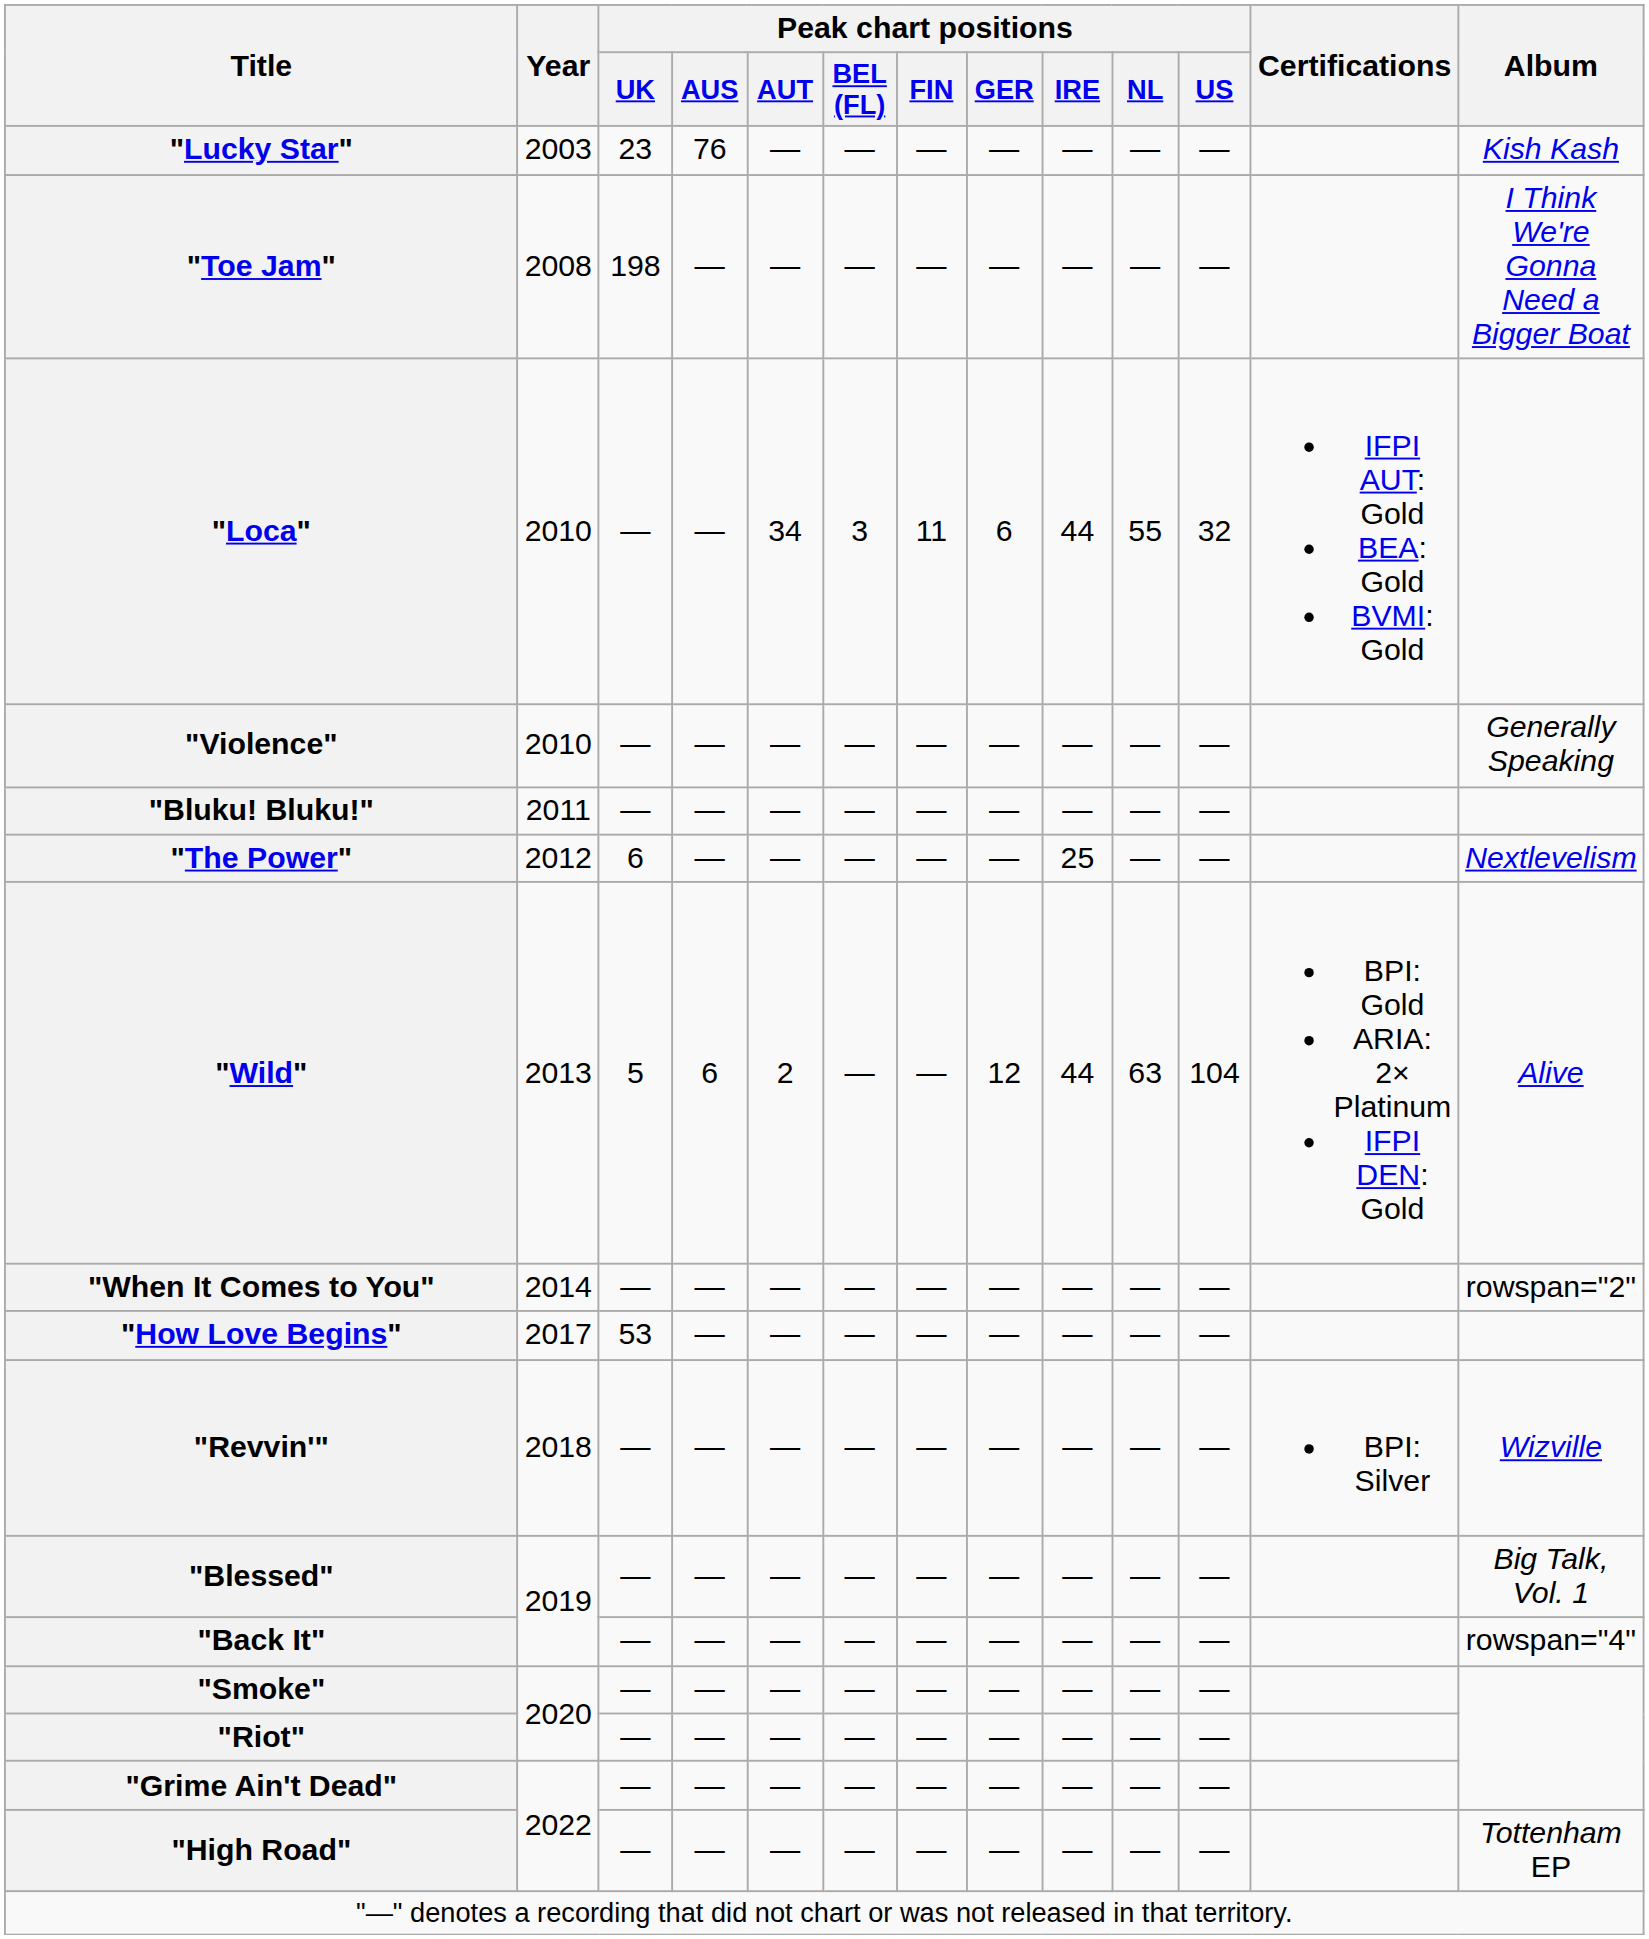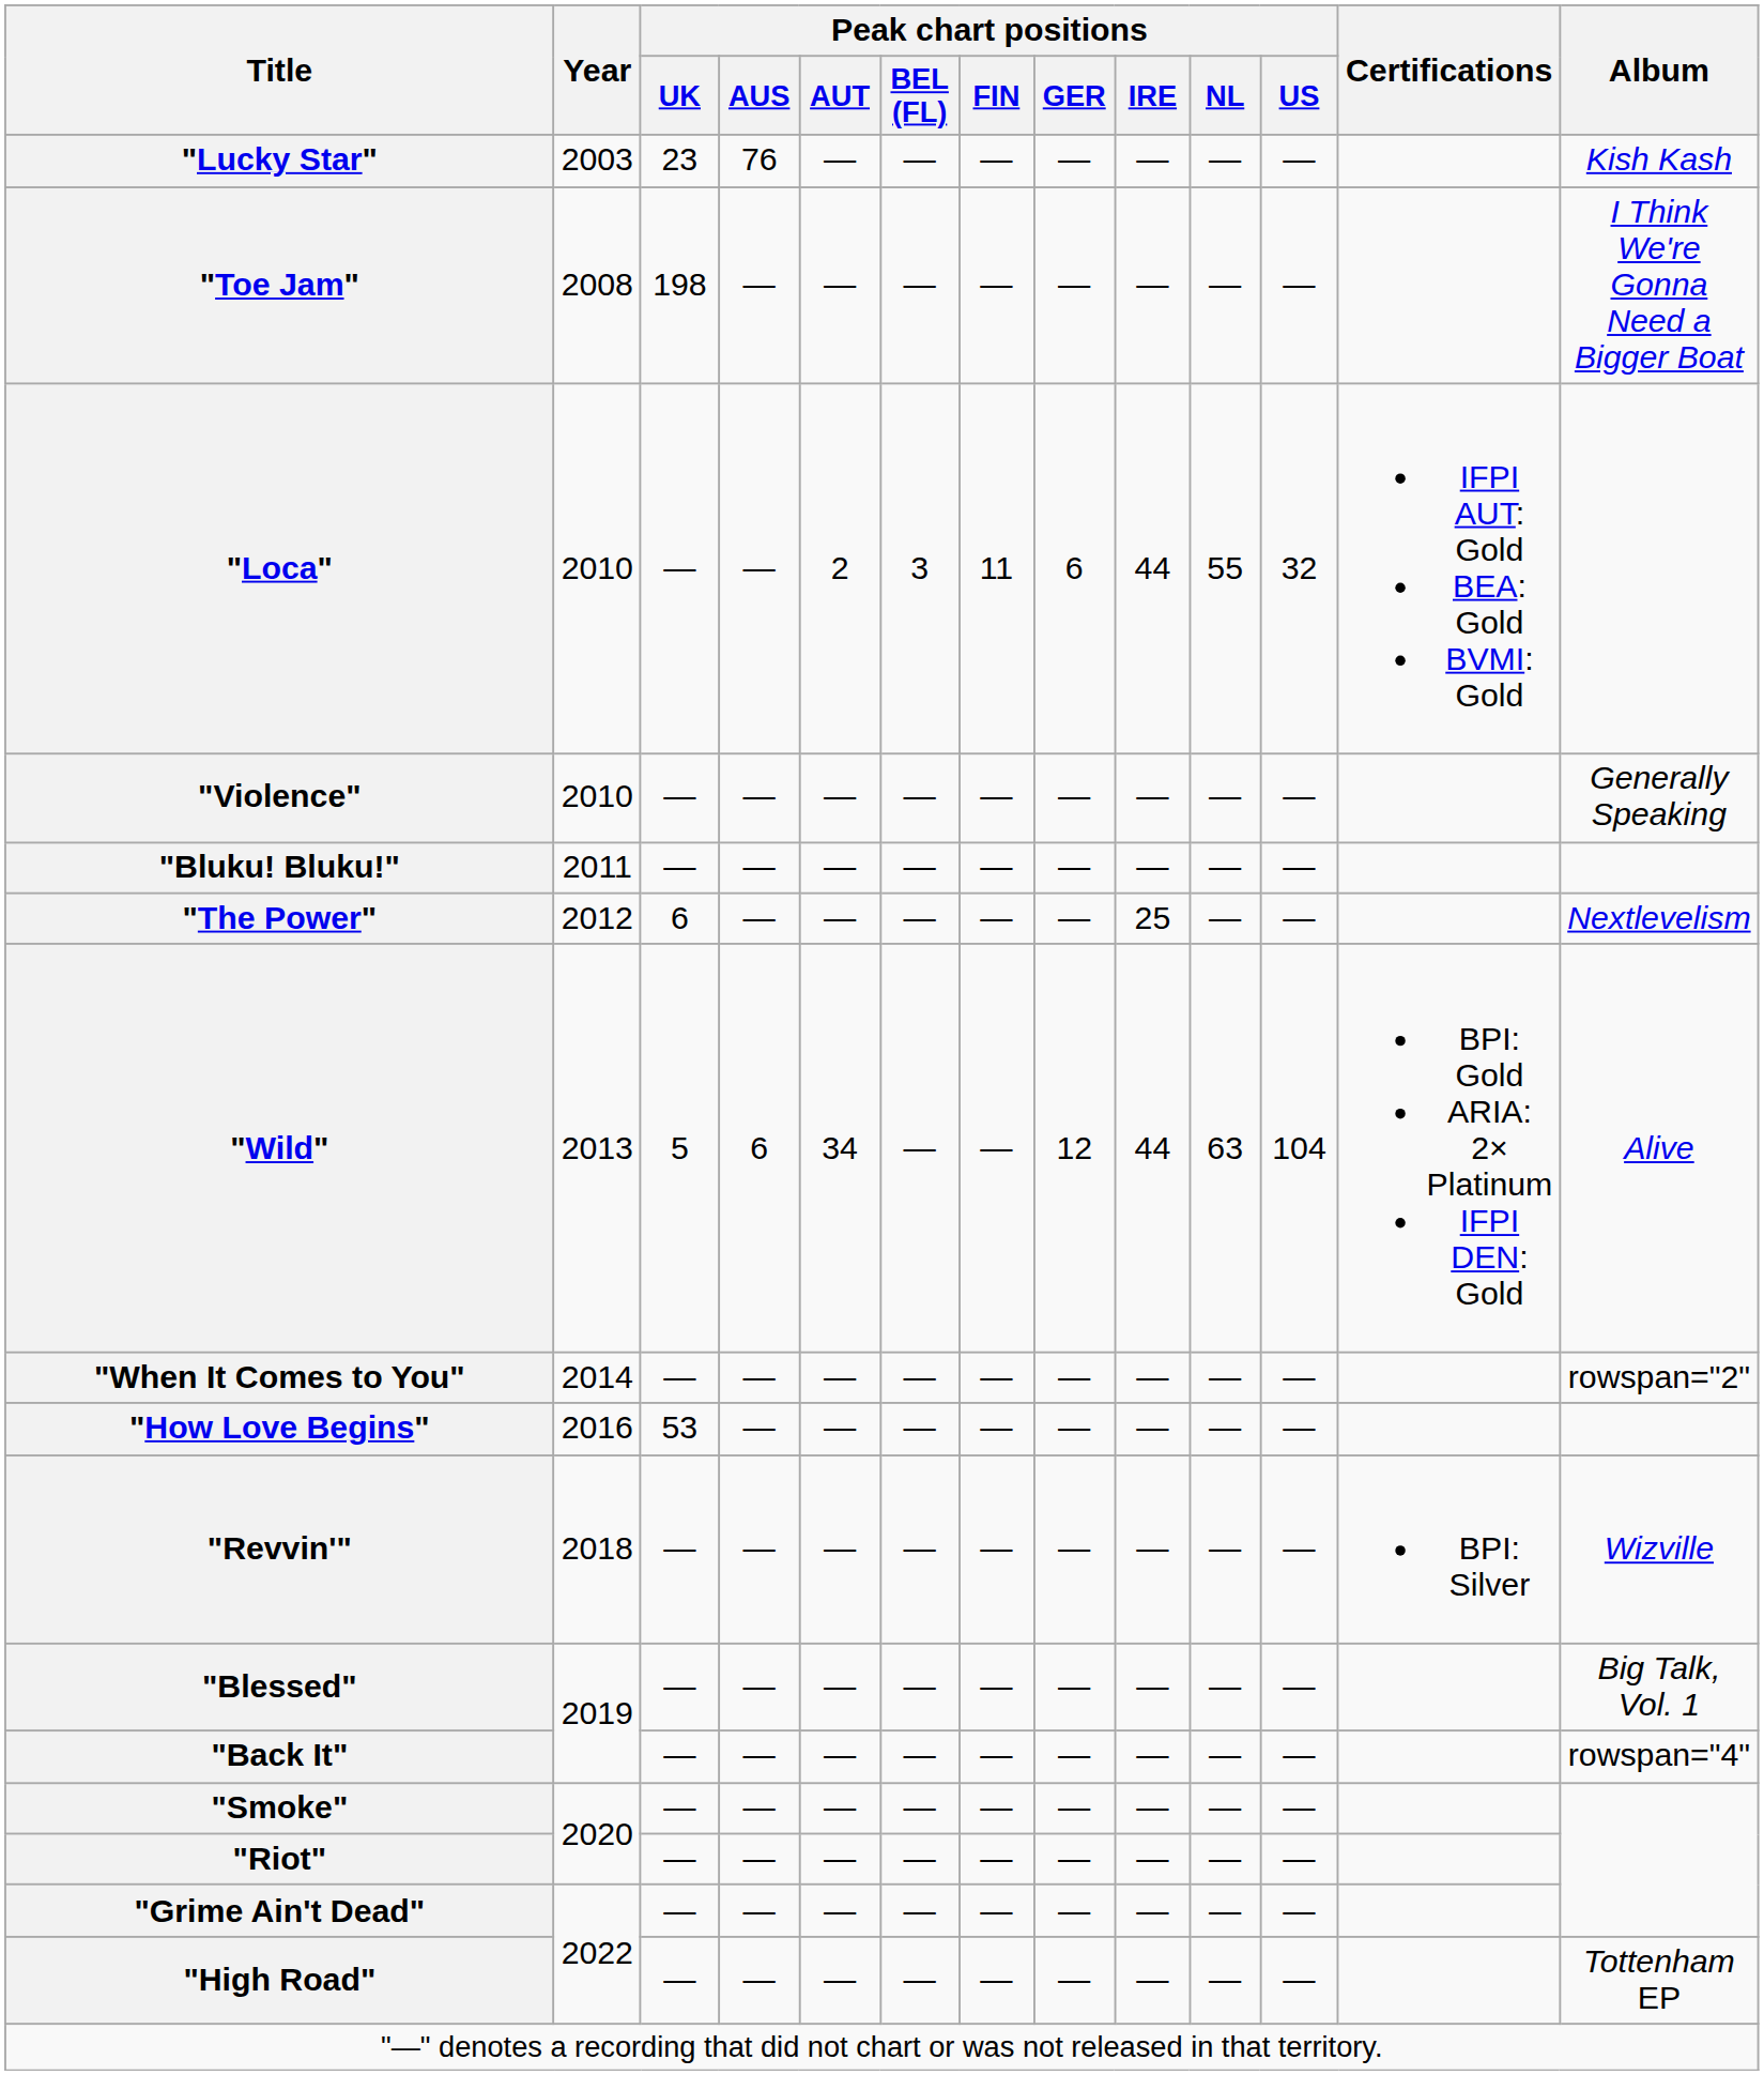 <table class="wikitable plainrowheaders" style="text-align:center;" border="1">
 <tr>
 <th scope="col" rowspan="2" style="width:27em;">Title</th>
 <th scope="col" rowspan="2" style="width:1em;">Year</th>
 <th scope="col" colspan="9">Peak chart positions</th>
 <th scope="col" rowspan="2">Certifications</th>
 <th scope="col" rowspan="2">Album</th>
 </tr>
 <tr>
 <th scope="col" style="width:2.5em;font-size:90%;"><a href='#'>UK</a><br></th>
 <th scope="col" style="width:2.5em;font-size:90%;"><a href='#'>AUS</a><br></th>
 <th scope="col" style="width:2.5em;font-size:90%;"><a href='#'>AUT</a><br></th>
 <th scope="col" style="width:2.5em;font-size:90%;"><a href='#'>BEL<br>(FL)</a><br></th>
 <th scope="col" style="width:2.5em;font-size:90%;"><a href='#'>FIN</a><br></th>
 <th scope="col" style="width:2.5em;font-size:90%;"><a href='#'>GER</a><br></th>
 <th scope="col" style="width:2.5em;font-size:90%;"><a href='#'>IRE</a><br></th>
 <th scope="col" style="width:2.5em;font-size:90%;"><a href='#'>NL</a><br></th>
 <th scope="col" style="width:2.5em;font-size:90%;"><a href='#'>US</a><br></th>
 </tr>
 <tr>
 <th scope="row">"<a href='#'>Lucky Star</a>"<br></th>
 <td>2003</td>
 <td>23</td>
 <td>76</td>
 <td>—</td>
 <td>—</td>
 <td>—</td>
 <td>—</td>
 <td>—</td>
 <td>—</td>
 <td>—</td>
 <td></td>
 <td><em><a href='#'>Kish Kash</a></em></td>
 </tr>
 <tr>
 <th scope="row">"<a href='#'>Toe Jam</a>"<br></th>
 <td>2008</td>
 <td>198</td>
 <td>—</td>
 <td>—</td>
 <td>—</td>
 <td>—</td>
 <td>—</td>
 <td>—</td>
 <td>—</td>
 <td>—</td>
 <td></td>
 <td><em><a href='#'>I Think We're Gonna<br>Need a Bigger Boat</a></em></td>
 </tr>
 <tr>
 <th scope="row">"<a href='#'>Loca</a>"<br></th>
 <td>2010</td>
 <td>—</td>
 <td>—</td>
-<td>34</td>
+<td>2</td>
 <td>3</td>
 <td>11</td>
 <td>6</td>
 <td>44</td>
 <td>55</td>
 <td>32</td>
 <td><br><ul><li><a href='#'>IFPI AUT</a>: Gold</li><li><a href='#'>BEA</a>: Gold</li><li><a href='#'>BVMI</a>: Gold</li></ul></td>
 <td></td>
 </tr>
 <tr>
 <th scope="row">"Violence" <br></th>
 <td>2010</td>
 <td>—</td>
 <td>—</td>
 <td>—</td>
 <td>—</td>
 <td>—</td>
 <td>—</td>
 <td>—</td>
 <td>—</td>
 <td>—</td>
 <td></td>
 <td><em>Generally Speaking</em></td>
 </tr>
 <tr>
 <th scope="row">"Bluku! Bluku!"<br></th>
 <td>2011</td>
 <td>—</td>
 <td>—</td>
 <td>—</td>
 <td>—</td>
 <td>—</td>
 <td>—</td>
 <td>—</td>
 <td>—</td>
 <td>—</td>
 <td></td>
 <td></td>
 </tr>
 <tr>
 <th scope="row">"<a href='#'>The Power</a>"<br></th>
 <td>2012</td>
 <td>6</td>
 <td>—</td>
 <td>—</td>
 <td>—</td>
 <td>—</td>
 <td>—</td>
 <td>25</td>
 <td>—</td>
 <td>—</td>
 <td></td>
 <td><em><a href='#'>Nextlevelism</a></em></td>
 </tr>
 <tr>
 <th scope="row">"<a href='#'>Wild</a>"<br></th>
 <td>2013</td>
 <td>5</td>
 <td>6</td>
-<td>2</td>
+<td>34</td>
 <td>—</td>
 <td>—</td>
 <td>12</td>
 <td>44</td>
 <td>63</td>
 <td>104</td>
 <td><br><ul><li>BPI: Gold</li><li>ARIA: 2× Platinum</li><li><a href='#'>IFPI DEN</a>: Gold</li></ul></td>
 <td><em><a href='#'>Alive</a></em></td>
 </tr>
 <tr>
 <th scope="row">"When It Comes to You"<br></th>
 <td>2014</td>
 <td>—</td>
 <td>—</td>
 <td>—</td>
 <td>—</td>
 <td>—</td>
 <td>—</td>
 <td>—</td>
 <td>—</td>
 <td>—</td>
 <td></td>
 <td>rowspan="2" </td>
 </tr>
 <tr>
 <th scope="row">"<a href='#'>How Love Begins</a>"<br></th>
-<td>2017</td>
+<td>2016</td>
 <td>53</td>
 <td>—</td>
 <td>—</td>
 <td>—</td>
 <td>—</td>
 <td>—</td>
 <td>—</td>
 <td>—</td>
 <td>—</td>
 <td></td>
 </tr>
 <tr>
 <th scope="row">"Revvin'"<br></th>
 <td>2018</td>
 <td>—</td>
 <td>—</td>
 <td>—</td>
 <td>—</td>
 <td>—</td>
 <td>—</td>
 <td>—</td>
 <td>—</td>
 <td>—</td>
 <td><br><ul><li>BPI: Silver</li></ul></td>
 <td><em><a href='#'>Wizville</a></em></td>
 </tr>
 <tr>
 <th scope="row">"Blessed"<br></th>
 <td rowspan="2">2019</td>
 <td>—</td>
 <td>—</td>
 <td>—</td>
 <td>—</td>
 <td>—</td>
 <td>—</td>
 <td>—</td>
 <td>—</td>
 <td>—</td>
 <td></td>
 <td><em>Big Talk, Vol. 1</em></td>
 </tr>
 <tr>
 <th scope="row">"Back It"<br></th>
 <td>—</td>
 <td>—</td>
 <td>—</td>
 <td>—</td>
 <td>—</td>
 <td>—</td>
 <td>—</td>
 <td>—</td>
 <td>—</td>
 <td></td>
 <td>rowspan="4" </td>
 </tr>
 <tr>
 <th scope="row">"Smoke"<br></th>
 <td rowspan="2">2020</td>
 <td>—</td>
 <td>—</td>
 <td>—</td>
 <td>—</td>
 <td>—</td>
 <td>—</td>
 <td>—</td>
 <td>—</td>
 <td>—</td>
 <td></td>
 </tr>
 <tr>
 <th scope="row">"Riot"<br></th>
 <td>—</td>
 <td>—</td>
 <td>—</td>
 <td>—</td>
 <td>—</td>
 <td>—</td>
 <td>—</td>
 <td>—</td>
 <td>—</td>
 <td></td>
 </tr>
 <tr>
 <th scope="row">"Grime Ain't Dead"<br></th>
 <td rowspan="2">2022</td>
 <td>—</td>
 <td>—</td>
 <td>—</td>
 <td>—</td>
 <td>—</td>
 <td>—</td>
 <td>—</td>
 <td>—</td>
 <td>—</td>
 <td></td>
 </tr>
 <tr>
 <th scope="row">"High Road"<br></th>
 <td>—</td>
 <td>—</td>
 <td>—</td>
 <td>—</td>
 <td>—</td>
 <td>—</td>
 <td>—</td>
 <td>—</td>
 <td>—</td>
 <td></td>
 <td><em>Tottenham</em> EP</td>
 </tr>
 <tr>
 <td colspan="16" style="font-size:90%">"—" denotes a recording that did not chart or was not released in that territory.</td>
 </tr>
 </table>
